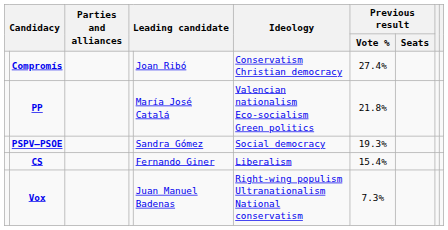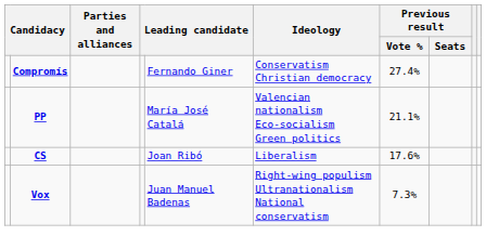 <table class="wikitable" style="line-height:1.35em; text-align:left;">
 <tr>
 <th colspan="2" rowspan="2">Candidacy</th>
 <th rowspan="2">Parties and<br>alliances</th>
 <th colspan="2" rowspan="2">Leading candidate</th>
 <th rowspan="2">Ideology</th>
 <th colspan="2">Previous result</th>
 <th rowspan="2"></th>
 <th rowspan="2"></th>
 </tr>
 <tr>
 <th>Vote %</th>
 <th>Seats</th>
 </tr>
 <tr>
 <td width="1" style="color:inherit;background:"></td>
 <td align="center"><strong><a href='#'>Compromís</a></strong></td>
 <td></td>
 <td></td>
-<td><a href='#'>Joan Ribó</a></td>
+<td><a href='#'>Fernando Giner</a></td>
 <td><a href='#'>Conservatism</a><br><a href='#'>Christian democracy</a></td>
 <td align="center">27.4%</td>
 <td></td>
 <td></td>
 <td></td>
 </tr>
 <tr>
 <td style="color:inherit;background:"></td>
 <td align="center"><strong><a href='#'>PP</a></strong></td>
 <td></td>
 <td></td>
 <td><a href='#'>María José Catalá</a></td>
 <td><a href='#'>Valencian nationalism</a><br><a href='#'>Eco-socialism</a><br><a href='#'>Green politics</a></td>
-<td align="center">21.8%</td>
-<td></td>
-<td></td>
-<td></td>
-</tr>
-<tr>
-<td style="color:inherit;background:"></td>
-<td align="center"><strong><a href='#'>PSPV–PSOE</a></strong></td>
-<td></td>
-<td></td>
-<td><a href='#'>Sandra Gómez</a></td>
-<td><a href='#'>Social democracy</a></td>
-<td align="center">19.3%</td>
+<td align="center">21.1%</td>
 <td></td>
 <td></td>
 <td></td>
 </tr>
 <tr>
 <td style="color:inherit;background:"></td>
 <td align="center"><strong><a href='#'>CS</a></strong></td>
 <td></td>
 <td></td>
-<td><a href='#'>Fernando Giner</a></td>
+<td><a href='#'>Joan Ribó</a></td>
 <td><a href='#'>Liberalism</a></td>
-<td align="center">15.4%</td>
+<td align="center">17.6%</td>
 <td></td>
 <td></td>
 <td></td>
 </tr>
 <tr>
 <td style="color:inherit;background:"></td>
 <td align="center"><strong><a href='#'>Vox</a></strong></td>
 <td></td>
 <td></td>
 <td><a href='#'>Juan Manuel Badenas</a></td>
 <td><a href='#'>Right-wing populism</a><br><a href='#'>Ultranationalism</a><br><a href='#'>National conservatism</a></td>
 <td align="center">7.3%</td>
 <td></td>
 <td></td>
 <td></td>
 </tr>
 </table>
